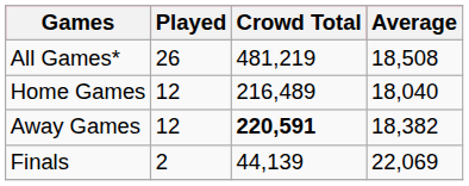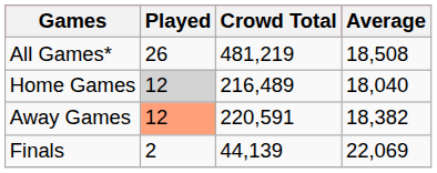 <table align="center" class="wikitable">
 <tr bgcolor="#FF0033">
 <th>Games</th>
 <th>Played</th>
 <th>Crowd Total</th>
 <th>Average</th>
 </tr>
 <tr>
 <td>All Games*</td>
 <td>26</td>
 <td>481,219</td>
 <td>18,508</td>
 </tr>
 <tr>
 <td>Home Games</td>
-<td>12</td>
+<td style="background: lightgrey;">12</td>
 <td>216,489</td>
 <td>18,040</td>
 </tr>
 <tr>
 <td>Away Games</td>
-<td>12</td>
-<td><strong>220,591</strong></td>
+<td style="background: lightsalmon;">12</td>
+<td>220,591</td>
 <td>18,382</td>
 </tr>
 <tr>
 <td>Finals</td>
 <td>2</td>
 <td>44,139</td>
 <td>22,069</td>
 </tr>
 <tr>
 </tr>
 </table>
